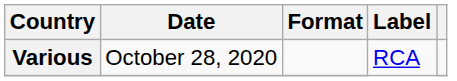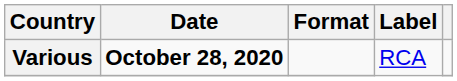 <table class="wikitable plainrowheaders" border="1">
 <tr>
 <th scope="col">Country</th>
 <th scope="col">Date</th>
 <th scope="col">Format</th>
 <th scope="col">Label</th>
 <th scope="col"></th>
 </tr>
 <tr>
 <th scope="row">Various</th>
-<td>October 28, 2020</td>
+<td><strong>October 28, 2020</strong></td>
 <td></td>
 <td rowspan="3"><a href='#'>RCA</a></td>
 <td align="center"></td>
 </tr>
 <tr>
 </tr>
 </table>
